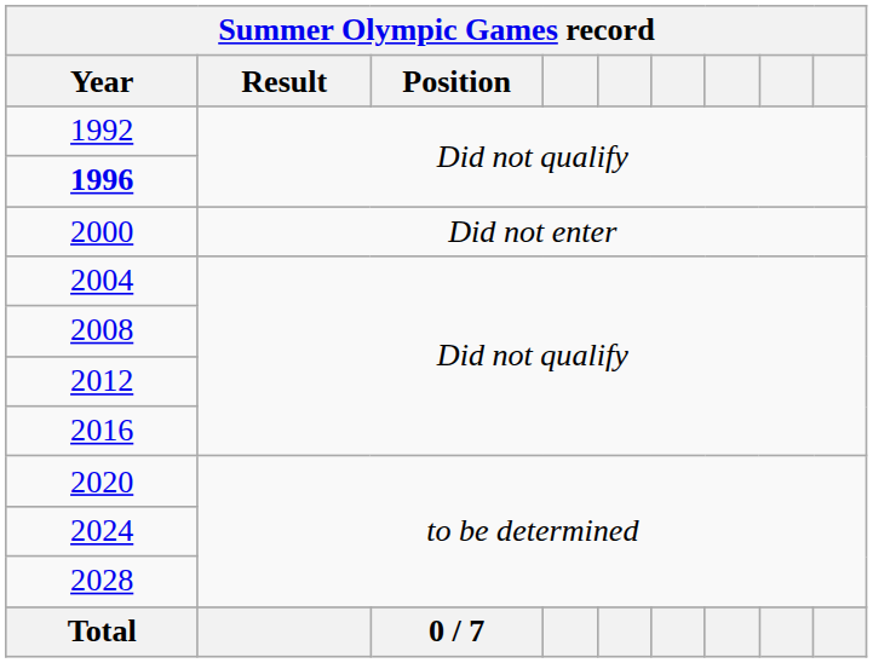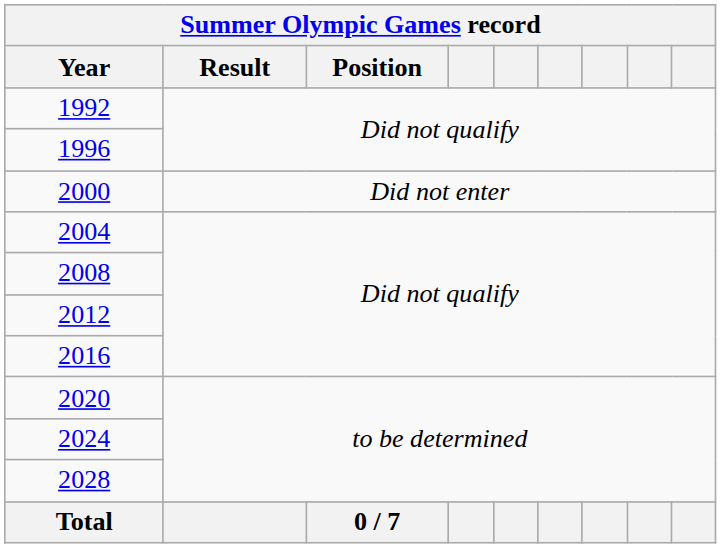 <table class="wikitable" style="text-align: center;">
 <tr>
 <th colspan=9><a href='#'>Summer Olympic Games</a> record</th>
 </tr>
 <tr>
 <th width="90">Year</th>
 <th width="80">Result</th>
 <th width="80">Position</th>
 <th width="20"></th>
 <th width="20"></th>
 <th width="20"></th>
 <th width="20"></th>
 <th width="20"></th>
 <th width="20"></th>
 </tr>
 <tr>
 <td> <a href='#'>1992</a></td>
 <td rowspan=2 colspan=8><em>Did not qualify</em></td>
 </tr>
 <tr>
-<td><strong> <a href='#'>1996</a></strong></td>
+<td> <a href='#'>1996</a></td>
 </tr>
 <tr>
 <td> <a href='#'>2000</a></td>
 <td rowspan=1 colspan=8><em>Did not enter</em></td>
 </tr>
 <tr>
 <td> <a href='#'>2004</a></td>
 <td rowspan=4 colspan=8><em>Did not qualify</em></td>
 </tr>
 <tr>
 <td> <a href='#'>2008</a></td>
 </tr>
 <tr>
 <td> <a href='#'>2012</a></td>
 </tr>
 <tr>
 <td> <a href='#'>2016</a></td>
 </tr>
 <tr>
 <td> <a href='#'>2020</a></td>
 <td rowspan=3 colspan=8><em>to be determined</em></td>
 </tr>
 <tr>
 <td> <a href='#'>2024</a></td>
 </tr>
 <tr>
 <td> <a href='#'>2028</a></td>
 </tr>
 <tr>
 <th><strong>Total</strong></th>
 <th></th>
 <th><strong>0 / 7</strong></th>
 <th></th>
 <th></th>
 <th></th>
 <th></th>
 <th></th>
 <th></th>
 </tr>
 </table>
